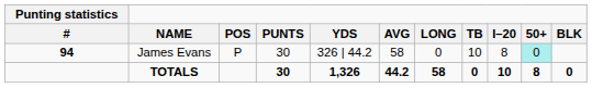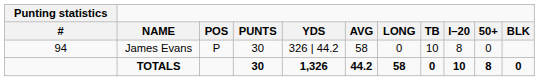 <table style="width:60%; text-align:center;" class="wikitable collapsible collapsed">
 <tr>
 <th style="text-align:center; ">Punting statistics</th>
 </tr>
 <tr>
 <th>#</th>
 <th>NAME</th>
 <th>POS</th>
 <th>PUNTS</th>
 <th>YDS</th>
 <th>AVG</th>
 <th>LONG</th>
 <th>TB</th>
 <th>I–20</th>
 <th>50+</th>
 <th>BLK</th>
 </tr>
 <tr>
-<td><strong>94</strong></td>
+<td>94</td>
 <td>James Evans</td>
 <td>P</td>
 <td>30</td>
 <td 1,>326 | 44.2</td>
 <td>58</td>
 <td>0</td>
 <td>10</td>
 <td>8</td>
-<td style="background: paleturquoise;">0</td>
+<td>0</td>
 </tr>
 <tr>
 <td></td>
 <td><strong>TOTALS</strong></td>
 <td></td>
 <td><strong>30</strong></td>
 <td><strong>1,326</strong></td>
 <td><strong>44.2</strong></td>
 <td><strong>58</strong></td>
 <td><strong>0</strong></td>
 <td><strong>10</strong></td>
 <td><strong>8</strong></td>
 <td><strong>0</strong></td>
 </tr>
 </table>
